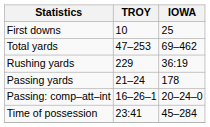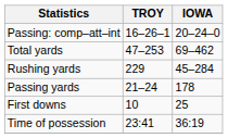 <table class="wikitable" style="float: left;">
 <tr>
 <th>Statistics</th>
 <th>TROY</th>
 <th>IOWA</th>
 </tr>
 <tr>
-<td>First downs</td>
-<td>10</td>
-<td>25</td>
+<td>Passing: comp–att–int</td>
+<td>16–26–1</td>
+<td>20–24–0</td>
 </tr>
 <tr>
 <td>Total yards</td>
 <td>47–253</td>
 <td>69–462</td>
 </tr>
 <tr>
 <td>Rushing yards</td>
 <td>229</td>
-<td>36:19</td>
+<td>45–284</td>
 </tr>
 <tr>
 <td>Passing yards</td>
 <td>21–24</td>
 <td>178</td>
 </tr>
 <tr>
-<td>Passing: comp–att–int</td>
-<td>16–26–1</td>
-<td>20–24–0</td>
+<td>First downs</td>
+<td>10</td>
+<td>25</td>
 </tr>
 <tr>
 <td>Time of possession</td>
 <td>23:41</td>
-<td>45–284</td>
+<td>36:19</td>
 </tr>
 <tr>
 </tr>
 </table>
